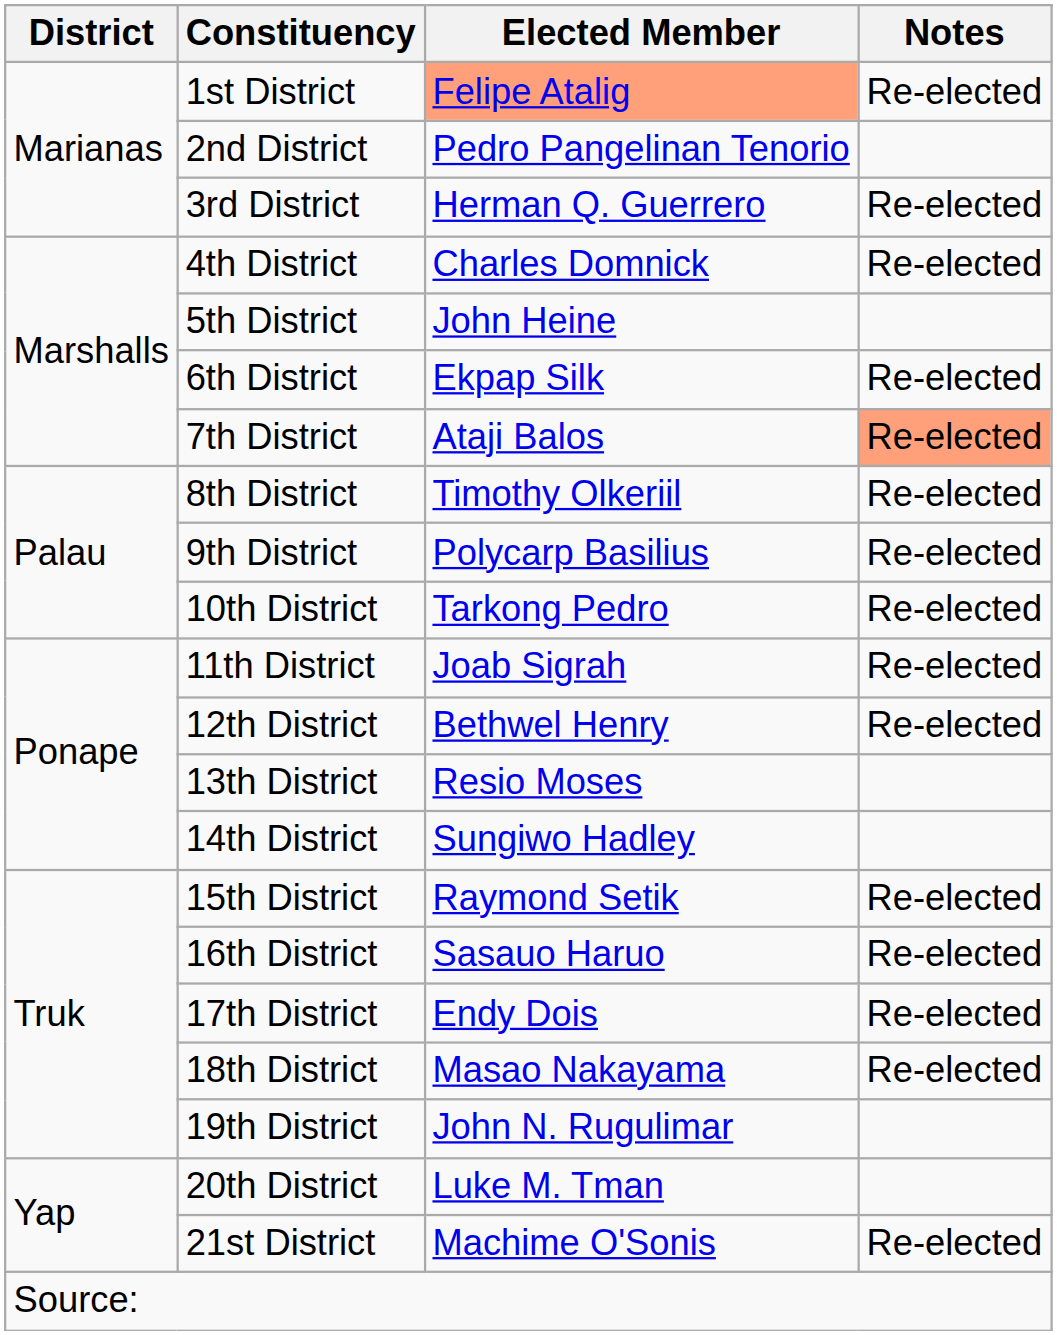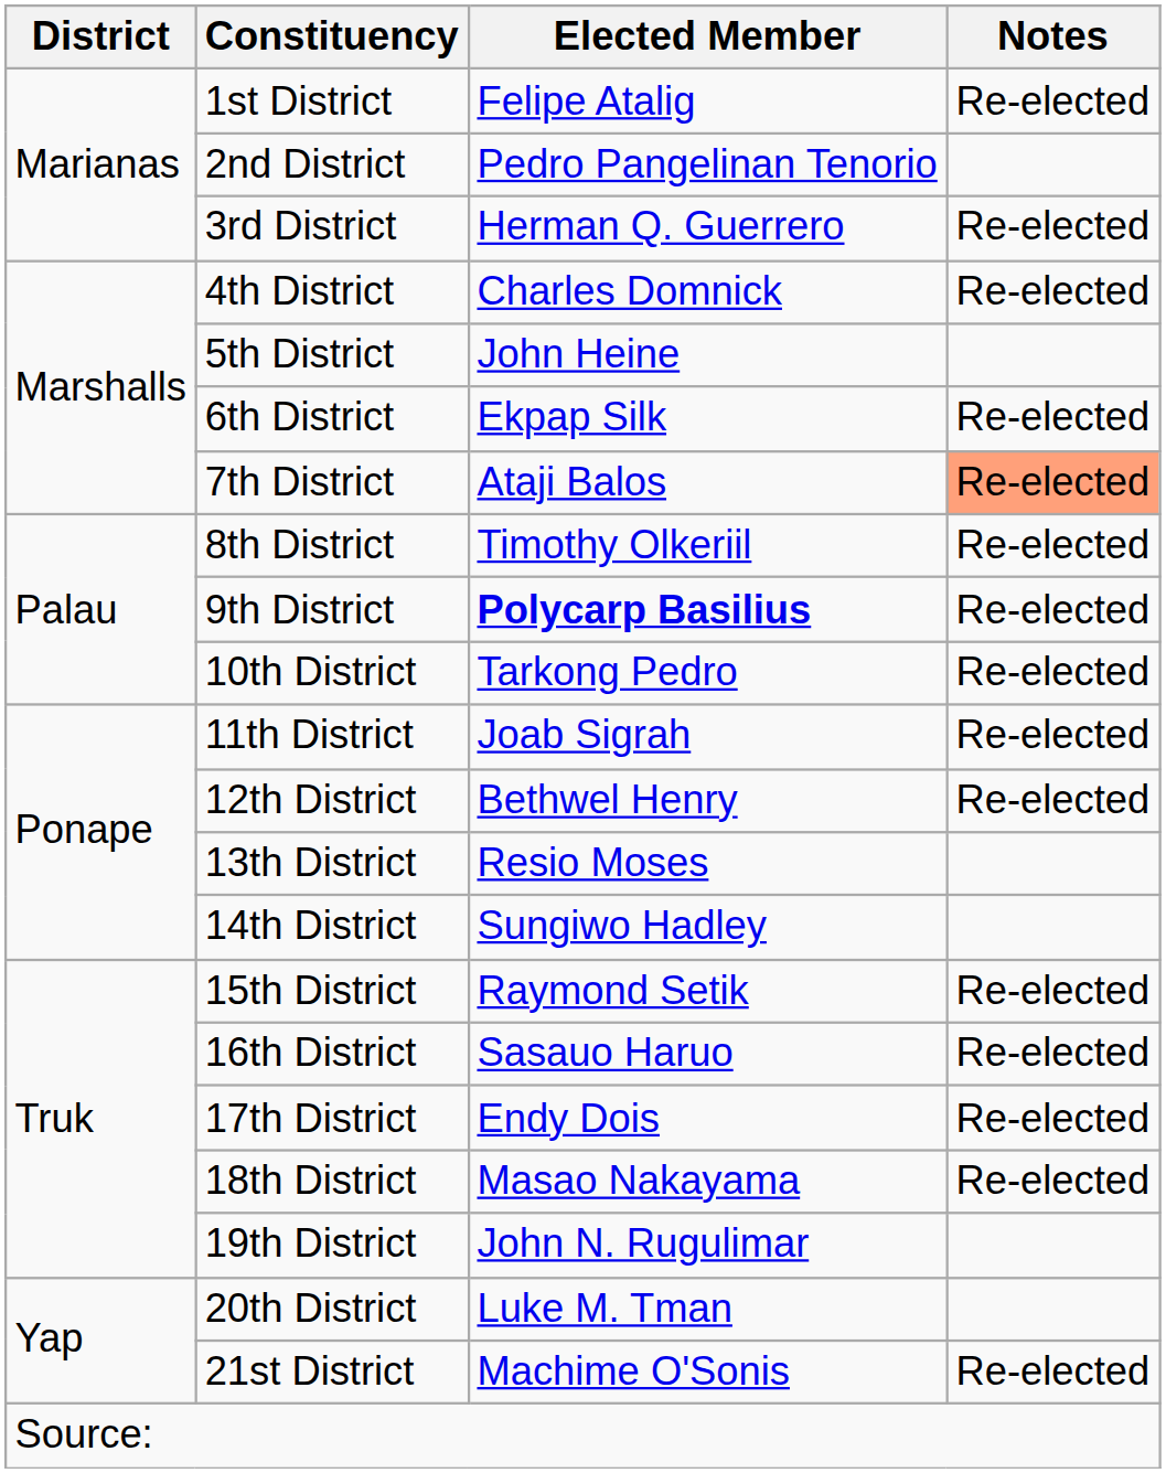 <table class=wikitable>
 <tr>
 <th>District</th>
 <th>Constituency</th>
 <th>Elected Member</th>
 <th>Notes</th>
 </tr>
 <tr>
 <td rowspan=3>Marianas</td>
 <td>1st District</td>
-<td style="background: lightsalmon;"><a href='#'>Felipe Atalig</a></td>
+<td><a href='#'>Felipe Atalig</a></td>
 <td>Re-elected</td>
 </tr>
 <tr>
 <td>2nd District</td>
 <td><a href='#'>Pedro Pangelinan Tenorio</a></td>
 <td></td>
 </tr>
 <tr>
 <td>3rd District</td>
 <td><a href='#'>Herman Q. Guerrero</a></td>
 <td>Re-elected</td>
 </tr>
 <tr>
 <td rowspan=4>Marshalls</td>
 <td>4th District</td>
 <td><a href='#'>Charles Domnick</a></td>
 <td>Re-elected</td>
 </tr>
 <tr>
 <td>5th District</td>
 <td><a href='#'>John Heine</a></td>
 <td></td>
 </tr>
 <tr>
 <td>6th District</td>
 <td><a href='#'>Ekpap Silk</a></td>
 <td>Re-elected</td>
 </tr>
 <tr>
 <td>7th District</td>
 <td><a href='#'>Ataji Balos</a></td>
 <td style="background: lightsalmon;">Re-elected</td>
 </tr>
 <tr>
 <td rowspan=3>Palau</td>
 <td>8th District</td>
 <td><a href='#'>Timothy Olkeriil</a></td>
 <td>Re-elected</td>
 </tr>
 <tr>
 <td>9th District</td>
-<td><a href='#'>Polycarp Basilius</a></td>
+<td><strong><a href='#'>Polycarp Basilius</a></strong></td>
 <td>Re-elected</td>
 </tr>
 <tr>
 <td>10th District</td>
 <td><a href='#'>Tarkong Pedro</a></td>
 <td>Re-elected</td>
 </tr>
 <tr>
 <td rowspan=4>Ponape</td>
 <td>11th District</td>
 <td><a href='#'>Joab Sigrah</a></td>
 <td>Re-elected</td>
 </tr>
 <tr>
 <td>12th District</td>
 <td><a href='#'>Bethwel Henry</a></td>
 <td>Re-elected</td>
 </tr>
 <tr>
 <td>13th District</td>
 <td><a href='#'>Resio Moses</a></td>
 <td></td>
 </tr>
 <tr>
 <td>14th District</td>
 <td><a href='#'>Sungiwo Hadley</a></td>
 <td></td>
 </tr>
 <tr>
 <td rowspan=5>Truk</td>
 <td>15th District</td>
 <td><a href='#'>Raymond Setik</a></td>
 <td>Re-elected</td>
 </tr>
 <tr>
 <td>16th District</td>
 <td><a href='#'>Sasauo Haruo</a></td>
 <td>Re-elected</td>
 </tr>
 <tr>
 <td>17th District</td>
 <td><a href='#'>Endy Dois</a></td>
 <td>Re-elected</td>
 </tr>
 <tr>
 <td>18th District</td>
 <td><a href='#'>Masao Nakayama</a></td>
 <td>Re-elected</td>
 </tr>
 <tr>
 <td>19th District</td>
 <td><a href='#'>John N. Rugulimar</a></td>
 <td></td>
 </tr>
 <tr>
 <td rowspan=2>Yap</td>
 <td>20th District</td>
 <td><a href='#'>Luke M. Tman</a></td>
 <td></td>
 </tr>
 <tr>
 <td>21st District</td>
 <td><a href='#'>Machime O'Sonis</a></td>
 <td>Re-elected</td>
 </tr>
 <tr>
 <td colspan=4>Source: </td>
 </tr>
 </table>
